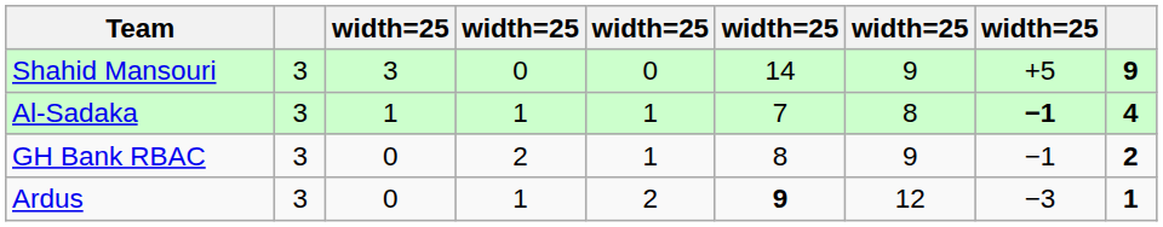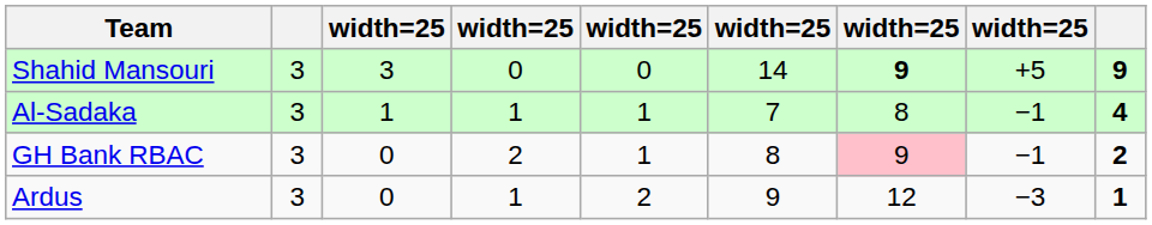 <table class="wikitable" style="text-align: center; font-size: 90%;">
 <tr>
 <th width="165">Team</th>
 <th width=25></th>
 <th>width=25</th>
 <th>width=25</th>
 <th>width=25</th>
 <th>width=25</th>
 <th>width=25</th>
 <th>width=25</th>
 <th width=25></th>
 </tr>
 <tr align=center bgcolor="ccffcc">
 <td style="text-align:left;"> <a href='#'>Shahid Mansouri</a></td>
 <td>3</td>
 <td>3</td>
 <td>0</td>
 <td>0</td>
 <td>14</td>
-<td>9</td>
+<td><strong>9</strong></td>
 <td>+5</td>
 <td><strong>9</strong></td>
 </tr>
 <tr align=center bgcolor="ccffcc">
 <td style="text-align:left;"> <a href='#'>Al-Sadaka</a></td>
 <td>3</td>
 <td>1</td>
 <td>1</td>
 <td>1</td>
 <td>7</td>
 <td>8</td>
-<td><strong>−1</strong></td>
+<td>−1</td>
 <td><strong>4</strong></td>
 </tr>
 <tr>
 <td style="text-align:left;"> <a href='#'>GH Bank RBAC</a></td>
 <td>3</td>
 <td>0</td>
 <td>2</td>
 <td>1</td>
 <td>8</td>
-<td>9</td>
+<td style="background: pink;">9</td>
 <td>−1</td>
 <td><strong>2</strong></td>
 </tr>
 <tr>
 <td style="text-align:left;"> <a href='#'>Ardus</a></td>
 <td>3</td>
 <td>0</td>
 <td>1</td>
 <td>2</td>
-<td><strong>9</strong></td>
+<td>9</td>
 <td>12</td>
 <td>−3</td>
 <td><strong>1</strong></td>
 </tr>
 </table>
